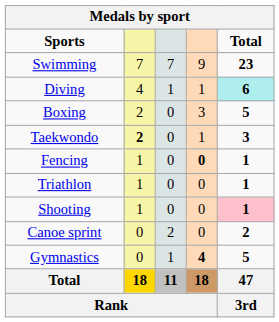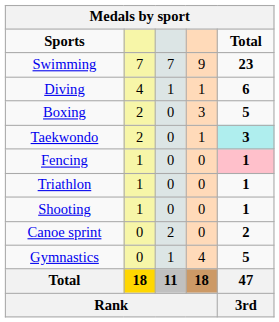 <table class="wikitable" style="font-size:85%; text-align:center;" align="right" width="20%">
 <tr style="background:#efefef;">
 <th colspan=5><strong>Medals by sport</strong></th>
 </tr>
 <tr>
 <td><strong>Sports</strong></td>
 <td style="background:#f7f6a8;"></td>
 <td style="background:#dce5e5;"></td>
 <td style="background:#ffdab9;"></td>
 <td><strong>Total</strong></td>
 </tr>
 <tr>
 <td><a href='#'>Swimming</a></td>
 <td style="background:#F7F6A8;">7</td>
 <td style="background:#DCE5E5;">7</td>
 <td style="background:#FFDAB9;">9</td>
 <td><strong>23</strong></td>
 </tr>
 <tr>
 <td><a href='#'>Diving</a></td>
 <td style="background:#F7F6A8;">4</td>
 <td style="background:#DCE5E5;">1</td>
 <td style="background:#FFDAB9;">1</td>
-<td style="background: paleturquoise;"><strong>6</strong></td>
+<td><strong>6</strong></td>
 </tr>
 <tr>
 <td><a href='#'>Boxing</a></td>
 <td style="background:#F7F6A8;">2</td>
 <td style="background:#DCE5E5;">0</td>
 <td style="background:#FFDAB9;">3</td>
 <td><strong>5</strong></td>
 </tr>
 <tr>
 <td><a href='#'>Taekwondo</a></td>
-<td style="background:#F7F6A8;"><strong>2</strong></td>
+<td style="background:#F7F6A8;">2</td>
 <td style="background:#DCE5E5;">0</td>
 <td style="background:#FFDAB9;">1</td>
-<td><strong>3</strong></td>
+<td style="background: paleturquoise;"><strong>3</strong></td>
 </tr>
 <tr>
 <td><a href='#'>Fencing</a></td>
 <td style="background:#F7F6A8;">1</td>
 <td style="background:#DCE5E5;">0</td>
-<td style="background:#FFDAB9;"><strong>0</strong></td>
-<td><strong>1</strong></td>
+<td style="background:#FFDAB9;">0</td>
+<td style="background: pink;"><strong>1</strong></td>
 </tr>
 <tr>
 <td><a href='#'>Triathlon</a></td>
 <td style="background:#F7F6A8;">1</td>
 <td style="background:#DCE5E5;">0</td>
 <td style="background:#FFDAB9;">0</td>
 <td><strong>1</strong></td>
 </tr>
 <tr style="text-align:center;">
 <td><a href='#'>Shooting</a></td>
 <td style="background:#F7F6A8;">1</td>
 <td style="background:#DCE5E5;">0</td>
 <td style="background:#FFDAB9;">0</td>
-<td style="background: pink;"><strong>1</strong></td>
+<td><strong>1</strong></td>
 </tr>
 <tr>
 <td><a href='#'>Canoe sprint</a></td>
 <td style="background:#F7F6A8;">0</td>
 <td style="background:#DCE5E5;">2</td>
 <td style="background:#FFDAB9;">0</td>
 <td><strong>2</strong></td>
 </tr>
 <tr>
 <td><a href='#'>Gymnastics</a></td>
 <td style="background:#F7F6A8;">0</td>
 <td style="background:#DCE5E5;">1</td>
-<td style="background:#FFDAB9;"><strong>4</strong></td>
+<td style="background:#FFDAB9;">4</td>
 <td><strong>5</strong></td>
 </tr>
 <tr>
 <th><strong>Total</strong></th>
 <th style="background:gold;"><strong>18</strong></th>
 <th style="background:silver;"><strong>11</strong></th>
 <th style="background:#c96;"><strong>18</strong></th>
 <th><strong>47</strong></th>
 </tr>
 <tr>
 <th colspan="4"><strong>Rank</strong></th>
 <th><strong>3rd</strong></th>
 </tr>
 </table>
